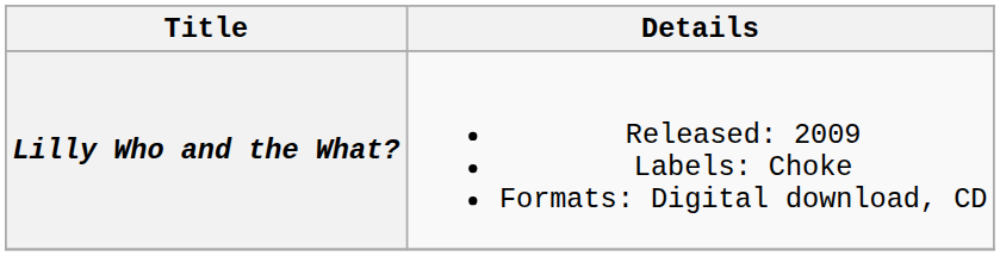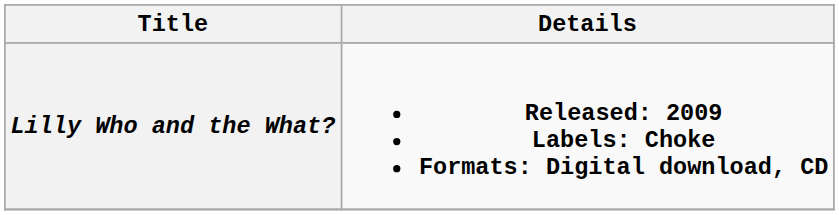 <table class="wikitable plainrowheaders" style="text-align:center;">
 <tr>
 <th scope="col">Title</th>
 <th scope="col">Details</th>
 </tr>
 <tr>
 <th scope="row"><em>Lilly Who and the What?</em></th>
-<td><br><ul><li>Released: 2009</li><li>Labels: Choke</li><li>Formats: Digital download, CD</li></ul></td>
+<td><strong><br><ul><li>Released: 2009</li><li>Labels: Choke</li><li>Formats: Digital download, CD</li></ul></strong></td>
 </tr>
 <tr>
 </tr>
 </table>
